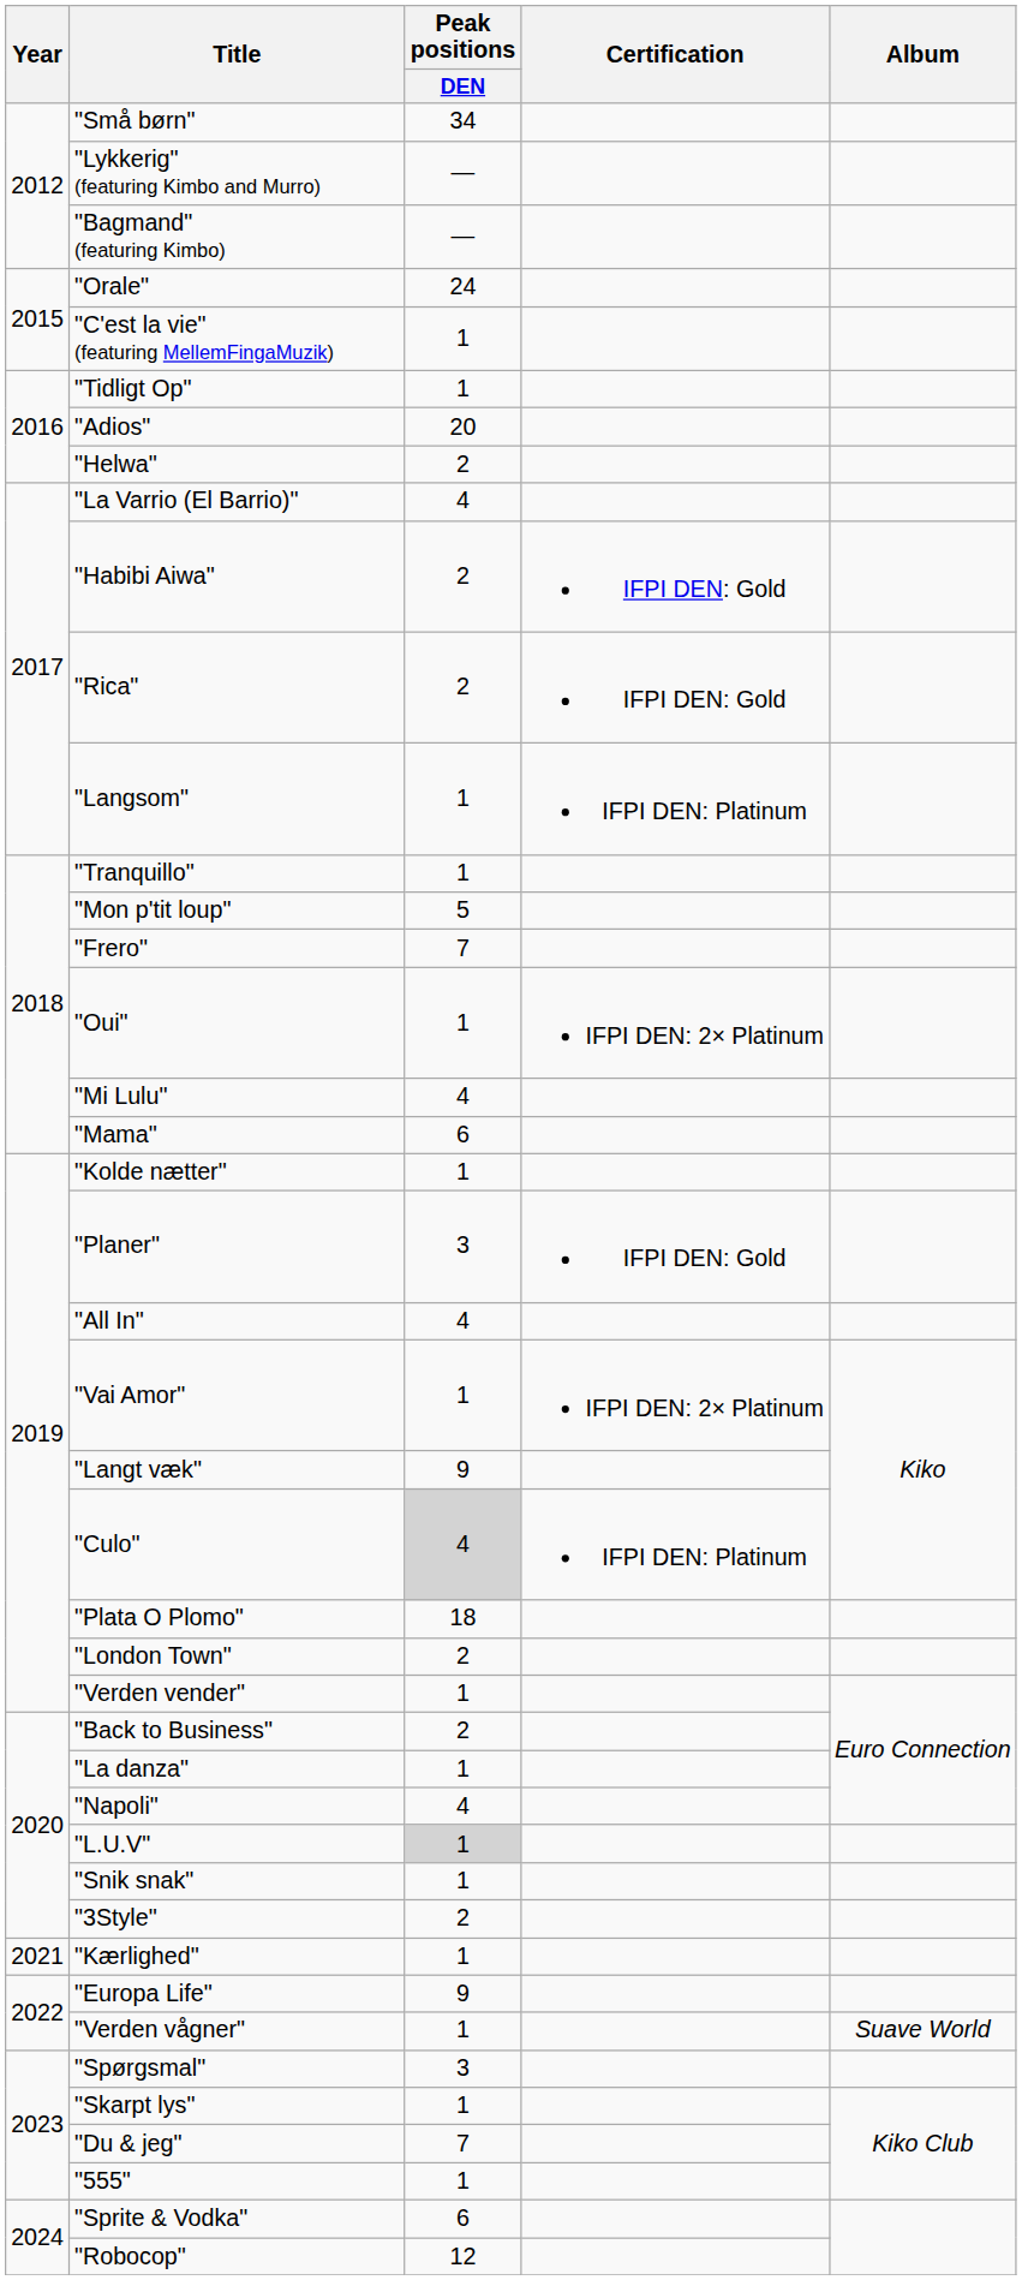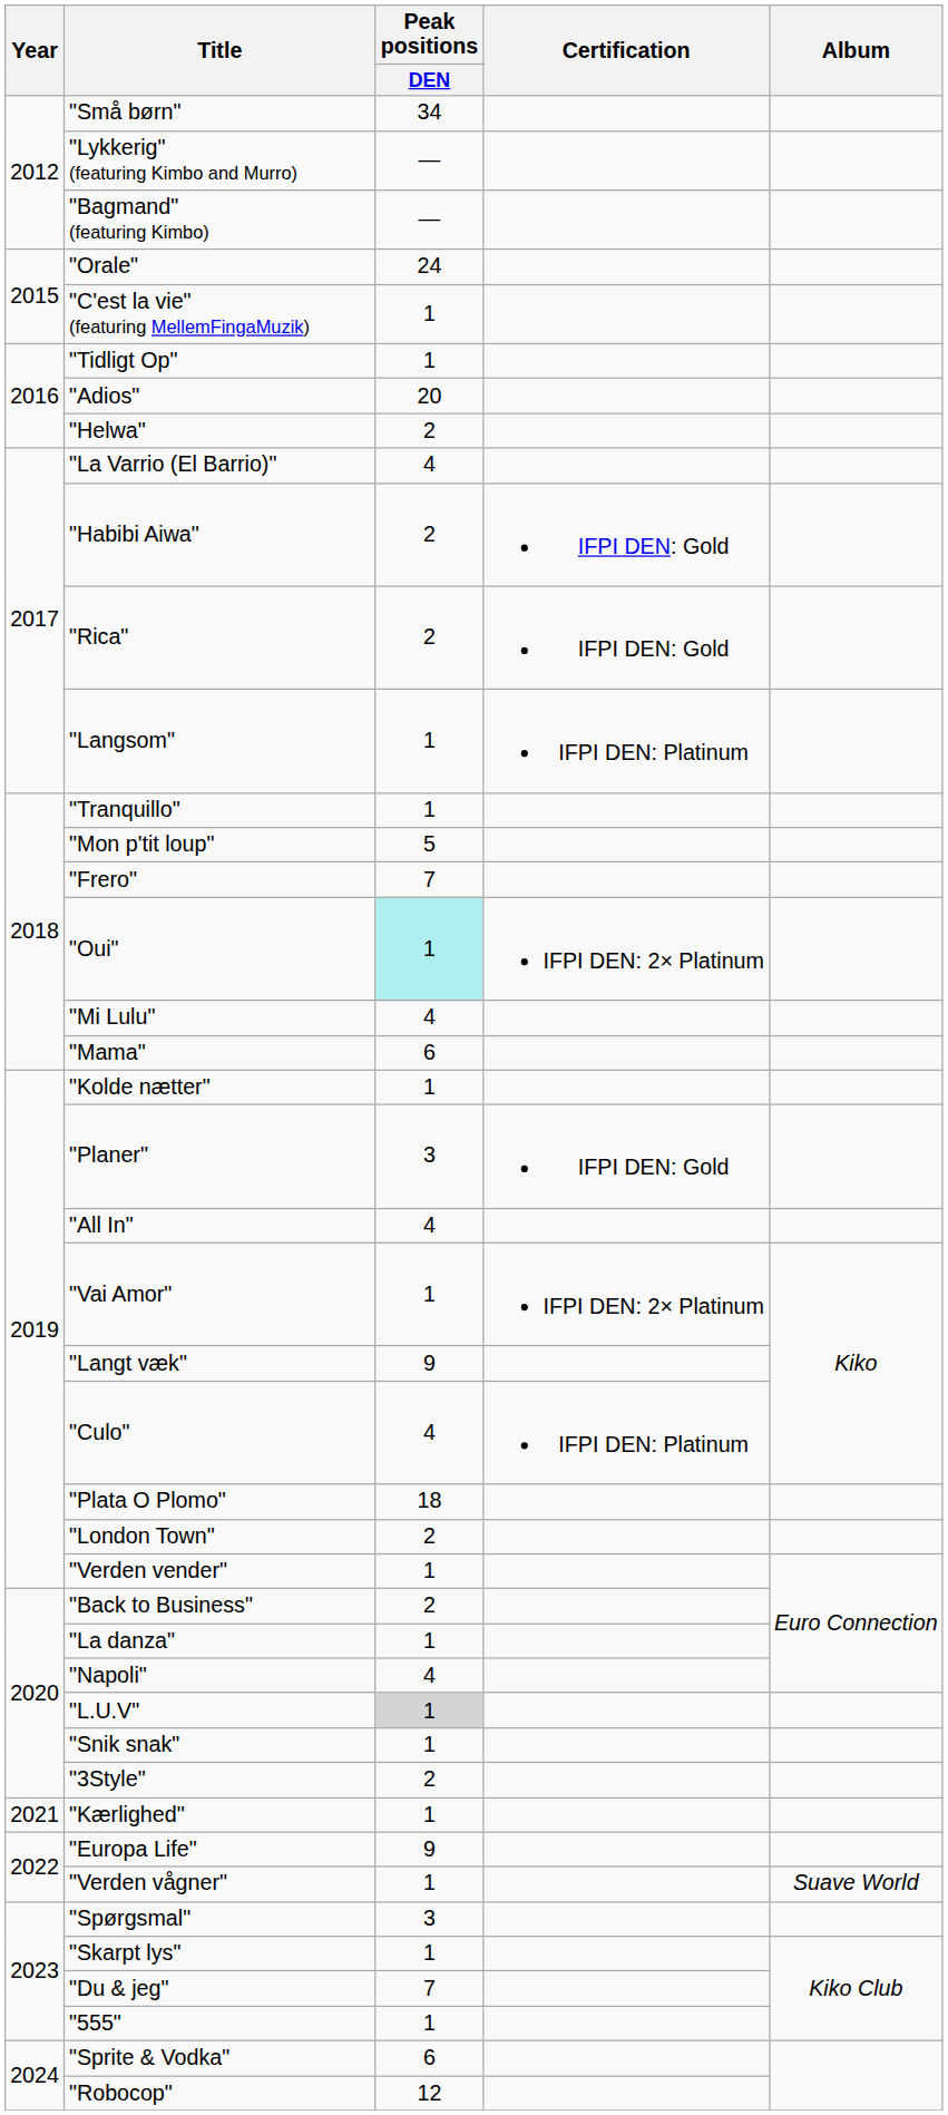 <table class="wikitable">
 <tr>
 <th align="center" rowspan="2" width="10">Year</th>
 <th align="center" rowspan="2" width="220">Title</th>
 <th align="center" colspan="1" width="20">Peak positions</th>
 <th align="center" rowspan="2">Certification</th>
 <th align="center" rowspan="2">Album</th>
 </tr>
 <tr>
 <th scope="col" style="width:3em;font-size:90%;"><a href='#'>DEN</a><br></th>
 </tr>
 <tr>
 <td style="text-align:center;" rowspan=3>2012</td>
 <td>"Små børn"</td>
 <td style="text-align:center;">34</td>
 <td style="text-align:center;"></td>
 <td style="text-align:center;"></td>
 </tr>
 <tr>
 <td>"Lykkerig" <br><small>(featuring Kimbo and Murro)</small></td>
 <td style="text-align:center;">—</td>
 <td style="text-align:center;"></td>
 <td style="text-align:center;"></td>
 </tr>
 <tr>
 <td>"Bagmand" <br><small>(featuring Kimbo)</small></td>
 <td style="text-align:center;">—</td>
 <td style="text-align:center;"></td>
 <td style="text-align:center;"></td>
 </tr>
 <tr>
 <td style="text-align:center;" rowspan=2>2015</td>
 <td>"Orale"</td>
 <td style="text-align:center;">24</td>
 <td style="text-align:center;"></td>
 <td style="text-align:center;"></td>
 </tr>
 <tr>
 <td>"C'est la vie" <br><small>(featuring <a href='#'>MellemFingaMuzik</a>)</small></td>
 <td style="text-align:center;">1</td>
 <td style="text-align:center;"></td>
 <td style="text-align:center;"></td>
 </tr>
 <tr>
 <td style="text-align:center;" rowspan="3">2016</td>
 <td>"Tidligt Op"</td>
 <td style="text-align:center;">1</td>
 <td style="text-align:center;"></td>
 <td style="text-align:center;"></td>
 </tr>
 <tr>
 <td>"Adios"<br></td>
 <td style="text-align:center;">20<br></td>
 <td style="text-align:center;"></td>
 <td style="text-align:center;"></td>
 </tr>
 <tr>
 <td>"Helwa"</td>
 <td style="text-align:center;">2</td>
 <td style="text-align:center;"></td>
 <td style="text-align:center;"></td>
 </tr>
 <tr>
 <td style="text-align:center;" rowspan="4">2017</td>
 <td>"La Varrio (El Barrio)"</td>
 <td style="text-align:center;">4</td>
 <td style="text-align:center;"></td>
 <td style="text-align:center;"></td>
 </tr>
 <tr>
 <td>"Habibi Aiwa"</td>
 <td style="text-align:center;">2</td>
 <td style="text-align:center;"><br><ul><li><a href='#'>IFPI DEN</a>: Gold</li></ul></td>
 <td style="text-align:center;"></td>
 </tr>
 <tr>
 <td>"Rica"<br></td>
 <td style="text-align:center;">2<br></td>
 <td style="text-align:center;"><br><ul><li>IFPI DEN: Gold</li></ul></td>
 <td style="text-align:center;"></td>
 </tr>
 <tr>
 <td>"Langsom"</td>
 <td style="text-align:center;">1</td>
 <td style="text-align:center;"><br><ul><li>IFPI DEN: Platinum</li></ul></td>
 <td style="text-align:center;"></td>
 </tr>
 <tr>
 <td style="text-align:center;" rowspan="6">2018</td>
 <td>"Tranquillo"<br></td>
 <td style="text-align:center;">1<br></td>
 <td style="text-align:center;"></td>
 <td style="text-align:center;"></td>
 </tr>
 <tr>
 <td>"Mon p'tit loup"</td>
 <td style="text-align:center;">5</td>
 <td></td>
 <td style="text-align:center;"></td>
 </tr>
 <tr>
 <td>"Frero"</td>
 <td style="text-align:center;">7</td>
 <td></td>
 <td style="text-align:center;"></td>
 </tr>
 <tr>
 <td>"Oui"<br></td>
-<td style="text-align:center;">1<br></td>
+<td style="background: paleturquoise; text-align:center;">1<br></td>
 <td><br><ul><li>IFPI DEN: 2× Platinum</li></ul></td>
 <td style="text-align:center;"></td>
 </tr>
 <tr>
 <td>"Mi Lulu"</td>
 <td style="text-align:center;">4<br></td>
 <td></td>
 <td style="text-align:center;"></td>
 </tr>
 <tr>
 <td>"Mama"<br></td>
 <td style="text-align:center;">6<br></td>
 <td></td>
 <td style="text-align:center;"></td>
 </tr>
 <tr>
 <td style="text-align:center;" rowspan="9">2019</td>
 <td>"Kolde nætter"</td>
 <td style="text-align:center;">1</td>
 <td style="text-align:center;"></td>
 <td style="text-align:center;"></td>
 </tr>
 <tr>
 <td>"Planer"<br></td>
 <td style="text-align:center;">3</td>
 <td style="text-align:center;"><br><ul><li>IFPI DEN: Gold</li></ul></td>
 <td style="text-align:center;"></td>
 </tr>
 <tr>
 <td>"All In"<br></td>
 <td style="text-align:center;">4</td>
 <td style="text-align:center;"></td>
 <td style="text-align:center;"></td>
 </tr>
 <tr>
 <td>"Vai Amor"</td>
 <td style="text-align:center;">1</td>
 <td style="text-align:center;"><br><ul><li>IFPI DEN: 2× Platinum</li></ul></td>
 <td style="text-align:center;" rowspan=3><em>Kiko</em></td>
 </tr>
 <tr>
 <td>"Langt væk"</td>
 <td style="text-align:center;">9</td>
 <td style="text-align:center;"></td>
 </tr>
 <tr>
 <td>"Culo"<br></td>
-<td style="background: lightgrey; text-align:center;">4</td>
+<td style="text-align:center;">4</td>
 <td style="text-align:center;"><br><ul><li>IFPI DEN: Platinum</li></ul></td>
 </tr>
 <tr>
 <td>"Plata O Plomo"<br></td>
 <td style="text-align:center;">18<br></td>
 <td style="text-align:center;"></td>
 <td style="text-align:center;"></td>
 </tr>
 <tr>
 <td>"London Town"<br></td>
 <td style="text-align:center;">2</td>
 <td style="text-align:center;"></td>
 <td style="text-align:center;"></td>
 </tr>
 <tr>
 <td>"Verden vender"<br></td>
 <td style="text-align:center;">1</td>
 <td style="text-align:center;"></td>
 <td style="text-align:center;" rowspan=4><em>Euro Connection</em></td>
 </tr>
 <tr>
 <td style="text-align:center;" rowspan="6">2020</td>
 <td>"Back to Business"<br></td>
 <td style="text-align:center;">2</td>
 <td style="text-align:center;"></td>
 </tr>
 <tr>
 <td>"La danza"<br></td>
 <td style="text-align:center;">1</td>
 <td style="text-align:center;"></td>
 </tr>
 <tr>
 <td>"Napoli"<br></td>
 <td style="text-align:center;">4</td>
 <td style="text-align:center;"></td>
 </tr>
 <tr>
 <td>"L.U.V"</td>
 <td style="background: lightgrey; text-align:center;">1</td>
 <td style="text-align:center;"></td>
 <td style="text-align:center;"></td>
 </tr>
 <tr>
 <td>"Snik snak"</td>
 <td style="text-align:center;">1</td>
 <td style="text-align:center;"></td>
 <td style="text-align:center;"></td>
 </tr>
 <tr>
 <td>"3Style"</td>
 <td style="text-align:center;">2</td>
 <td style="text-align:center;"></td>
 <td style="text-align:center;"></td>
 </tr>
 <tr>
 <td style="text-align:center;">2021</td>
 <td>"Kærlighed"</td>
 <td style="text-align:center;">1</td>
 <td style="text-align:center;"></td>
 <td style="text-align:center;"></td>
 </tr>
 <tr>
 <td style="text-align:center;" rowspan="2">2022</td>
 <td>"Europa Life"<br></td>
 <td style="text-align:center;">9</td>
 <td style="text-align:center;"></td>
 <td style="text-align:center;"></td>
 </tr>
 <tr>
 <td>"Verden vågner"<br></td>
 <td style="text-align:center;">1<br></td>
 <td style="text-align:center;"></td>
 <td style="text-align:center;"><em>Suave World</em></td>
 </tr>
 <tr>
 <td style="text-align:center;" rowspan="4">2023</td>
 <td>"Spørgsmal"<br></td>
 <td style="text-align:center;">3<br></td>
 <td style="text-align:center;"></td>
 <td style="text-align:center;"></td>
 </tr>
 <tr>
 <td>"Skarpt lys"</td>
 <td style="text-align:center;">1</td>
 <td style="text-align:center;"></td>
 <td style="text-align:center;" rowspan="3"><em>Kiko Club</em></td>
 </tr>
 <tr>
 <td>"Du & jeg"</td>
 <td style="text-align:center;">7</td>
 <td style="text-align:center;"></td>
 </tr>
 <tr>
 <td>"555"<br></td>
 <td style="text-align:center;">1<br></td>
 <td style="text-align:center;"></td>
 </tr>
 <tr>
 <td style="text-align:center;" rowspan="2">2024</td>
 <td>"Sprite & Vodka"<br></td>
 <td style="text-align:center;">6<br></td>
 <td style="text-align:center;"></td>
 </tr>
 <tr>
 <td>"Robocop"</td>
 <td style="text-align:center;">12</td>
 <td style="text-align:center;"></td>
 </tr>
 </table>
